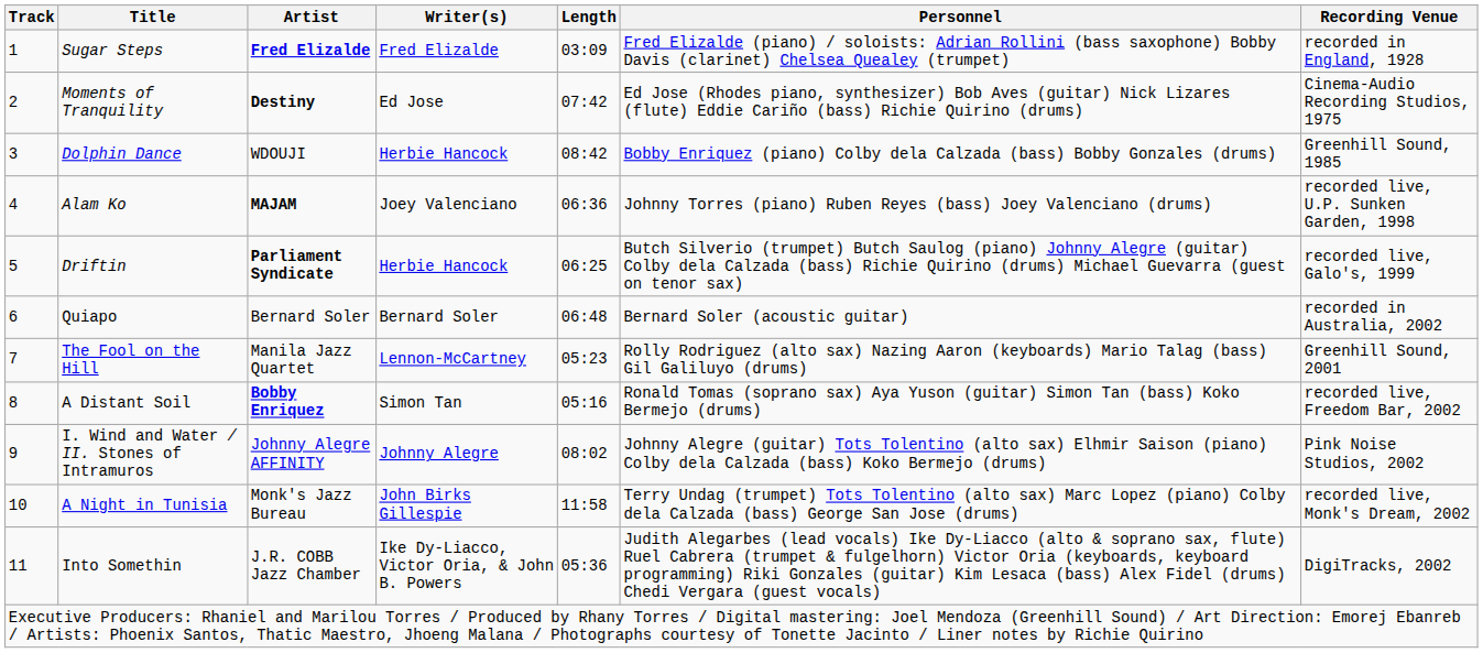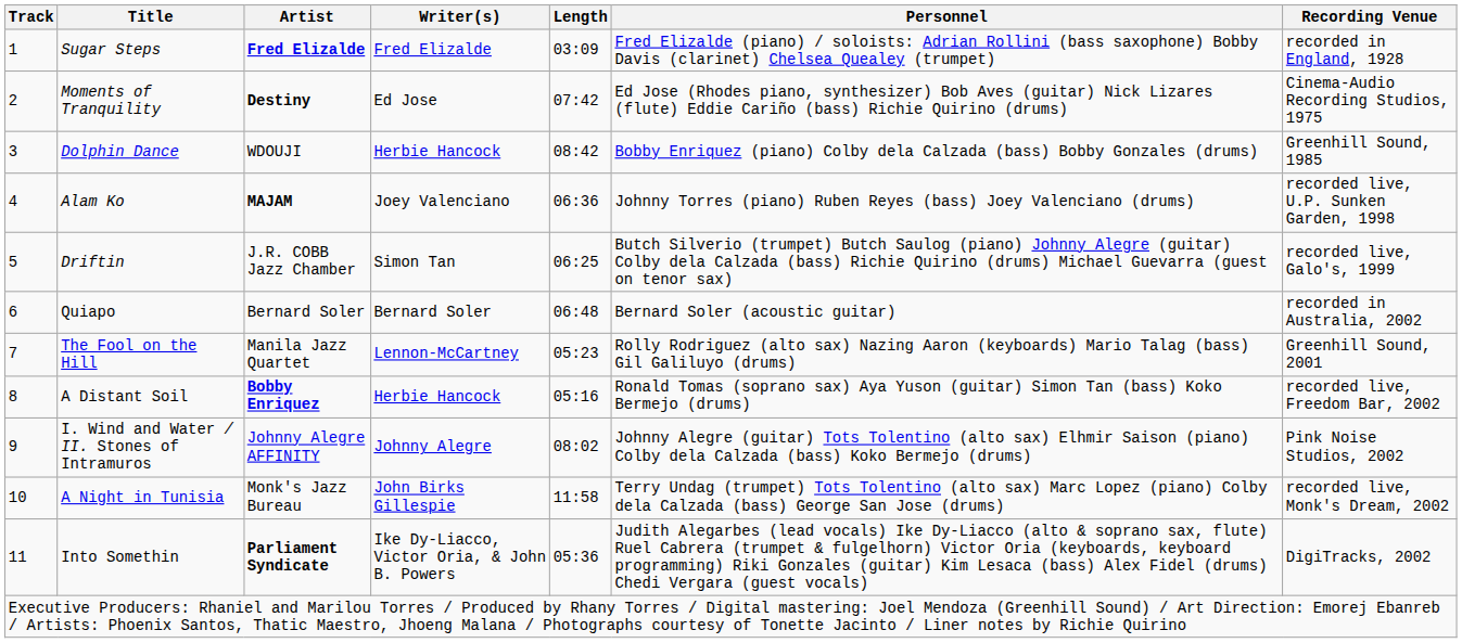 <table class="wikitable" valign="top">
 <tr>
 <th>Track</th>
 <th>Title</th>
 <th>Artist</th>
 <th>Writer(s)</th>
 <th>Length</th>
 <th>Personnel</th>
 <th>Recording Venue</th>
 </tr>
 <tr>
 <td>1</td>
 <td><em>Sugar Steps</em></td>
 <td><strong><a href='#'>Fred Elizalde</a></strong></td>
 <td><a href='#'>Fred Elizalde</a></td>
 <td>03:09</td>
 <td><a href='#'>Fred Elizalde</a> (piano) / soloists: <a href='#'>Adrian Rollini</a> (bass saxophone) Bobby Davis (clarinet) <a href='#'>Chelsea Quealey</a> (trumpet)</td>
 <td>recorded in <a href='#'>England</a>, 1928</td>
 </tr>
 <tr>
 <td>2</td>
 <td><em>Moments of Tranquility</em></td>
 <td><strong>Destiny</strong></td>
 <td>Ed Jose</td>
 <td>07:42</td>
 <td>Ed Jose (Rhodes piano, synthesizer) Bob Aves (guitar) Nick Lizares (flute) Eddie Cariño (bass) Richie Quirino (drums)</td>
 <td>Cinema-Audio Recording Studios, 1975</td>
 </tr>
 <tr>
 <td>3</td>
 <td><em><a href='#'>Dolphin Dance</a></em></td>
 <td></strong>WDOUJI<strong></td>
 <td><a href='#'>Herbie Hancock</a></td>
 <td>08:42</td>
 <td><a href='#'>Bobby Enriquez</a> (piano) Colby dela Calzada (bass) Bobby Gonzales (drums)</td>
 <td>Greenhill Sound, 1985</td>
 </tr>
 <tr>
 <td>4</td>
 <td><em>Alam Ko</em></td>
 <td><strong>MAJAM</strong></td>
 <td>Joey Valenciano</td>
 <td>06:36</td>
 <td>Johnny Torres (piano) Ruben Reyes (bass) Joey Valenciano (drums)</td>
 <td>recorded live, U.P. Sunken Garden, 1998</td>
 </tr>
 <tr>
 <td>5</td>
 <td><em>Driftin<strong></td>
-<td><strong>Parliament Syndicate</strong></td>
-<td><a href='#'>Herbie Hancock</a></td>
+<td></strong>J.R. COBB Jazz Chamber<strong></td>
+<td>Simon Tan</td>
 <td>06:25</td>
 <td>Butch Silverio (trumpet) Butch Saulog (piano) <a href='#'>Johnny Alegre</a> (guitar) Colby dela Calzada (bass) Richie Quirino (drums) Michael Guevarra (guest on tenor sax)</td>
 <td>recorded live, Galo's, 1999</td>
 </tr>
 <tr>
 <td>6</td>
 <td></em>Quiapo<em></td>
 <td></strong>Bernard Soler<strong></td>
 <td>Bernard Soler</td>
 <td>06:48</td>
 <td>Bernard Soler (acoustic guitar)</td>
 <td>recorded in Australia, 2002</td>
 </tr>
 <tr>
 <td>7</td>
 <td></em><a href='#'>The Fool on the Hill</a><em></td>
 <td></strong>Manila Jazz Quartet<strong></td>
 <td><a href='#'>Lennon-McCartney</a></td>
 <td>05:23</td>
 <td>Rolly Rodriguez (alto sax) Nazing Aaron (keyboards) Mario Talag (bass) Gil Galiluyo (drums)</td>
 <td>Greenhill Sound, 2001</td>
 </tr>
 <tr>
 <td>8</td>
 <td></em>A Distant Soil<em></td>
 <td><strong><a href='#'>Bobby Enriquez</a></strong></td>
-<td>Simon Tan</td>
+<td><a href='#'>Herbie Hancock</a></td>
 <td>05:16</td>
 <td>Ronald Tomas (soprano sax) Aya Yuson (guitar) Simon Tan (bass) Koko Bermejo (drums)</td>
 <td>recorded live, Freedom Bar, 2002</td>
 </tr>
 <tr>
 <td>9</td>
 <td>I. </em>Wind and Water<em> / II. </em>Stones of Intramuros<em></td>
 <td></strong><a href='#'>Johnny Alegre AFFINITY</a><strong></td>
 <td><a href='#'>Johnny Alegre</a></td>
 <td>08:02</td>
 <td>Johnny Alegre (guitar) <a href='#'>Tots Tolentino</a> (alto sax) Elhmir Saison (piano) Colby dela Calzada (bass) Koko Bermejo (drums)</td>
 <td>Pink Noise Studios, 2002</td>
 </tr>
 <tr>
 <td>10</td>
 <td></em><a href='#'>A Night in Tunisia</a><em></td>
 <td></strong>Monk's Jazz Bureau<strong></td>
 <td><a href='#'>John Birks Gillespie</a></td>
 <td>11:58</td>
 <td>Terry Undag (trumpet) <a href='#'>Tots Tolentino</a> (alto sax) Marc Lopez (piano) Colby dela Calzada (bass) George San Jose (drums)</td>
 <td>recorded live, Monk's Dream, 2002</td>
 </tr>
 <tr>
 <td>11</td>
 <td></em>Into Somethin</strong></td>
-<td></strong>J.R. COBB Jazz Chamber<strong></td>
+<td><strong>Parliament Syndicate</strong></td>
 <td>Ike Dy-Liacco, Victor Oria, & John B. Powers</td>
 <td>05:36</td>
 <td>Judith Alegarbes (lead vocals) Ike Dy-Liacco (alto & soprano sax, flute) Ruel Cabrera (trumpet & fulgelhorn) Victor Oria (keyboards, keyboard programming) Riki Gonzales (guitar) Kim Lesaca (bass) Alex Fidel (drums) Chedi Vergara (guest vocals)</td>
 <td>DigiTracks, 2002</td>
 </tr>
 <tr>
 <td colspan=7>Executive Producers: Rhaniel and Marilou Torres / Produced by Rhany Torres / Digital mastering: Joel Mendoza (Greenhill Sound) / Art Direction: Emorej Ebanreb / Artists: Phoenix Santos, Thatic Maestro, Jhoeng Malana / Photographs courtesy of Tonette Jacinto / Liner notes by Richie Quirino</td>
 </tr>
 </table>
